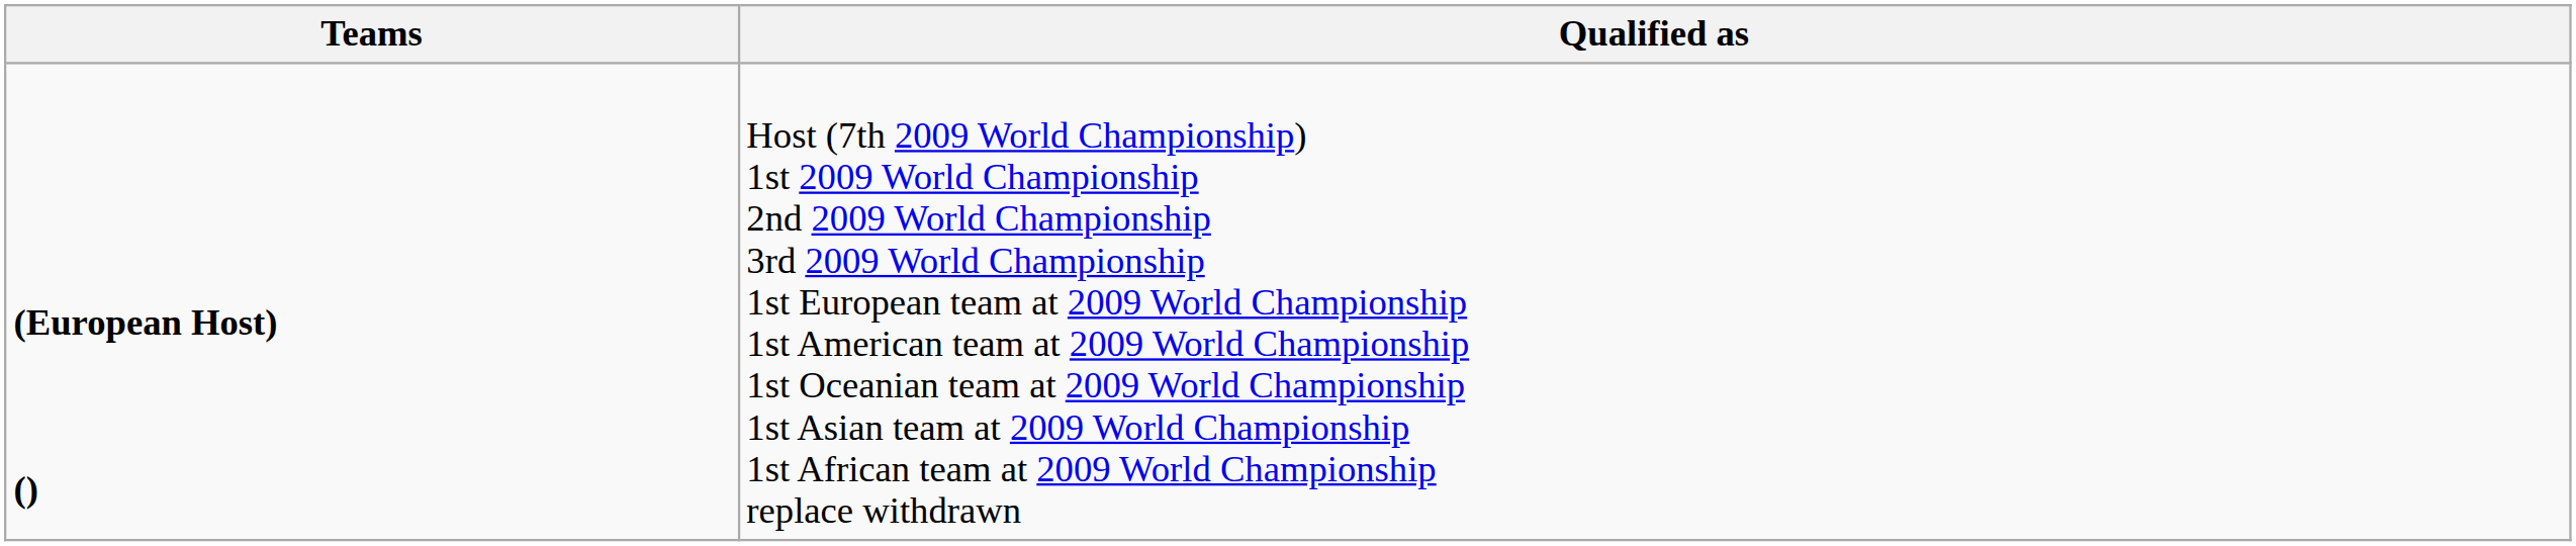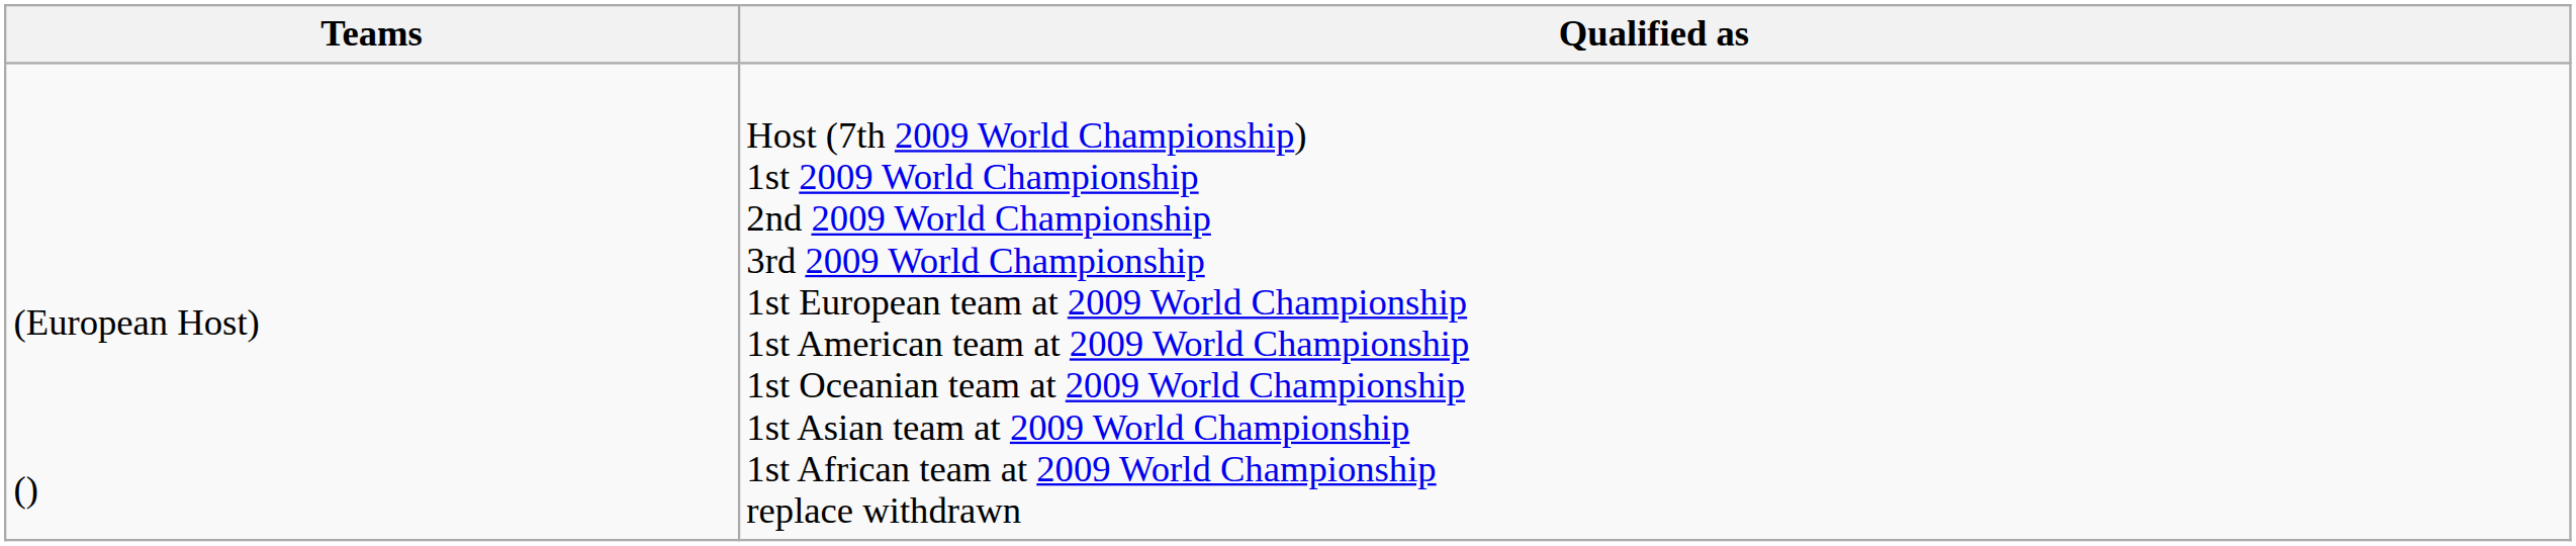 <table class=wikitable width=70%>
 <tr>
 <th width=20%>Teams</th>
 <th width=50%>Qualified as</th>
 </tr>
 <tr>
-<td><strong><br><br><br><br><br>(European Host)<br><br><br><br>()<br></strong></td>
+<td><br><br><br><br><br>(European Host)<br><br><br><br>()<br></td>
 <td><br>Host (7th <a href='#'>2009 World Championship</a>)<br>1st <a href='#'>2009 World Championship</a><br>2nd <a href='#'>2009 World Championship</a><br>3rd <a href='#'>2009 World Championship</a><br>1st European team at <a href='#'>2009 World Championship</a><br>1st American team at <a href='#'>2009 World Championship</a><br>1st Oceanian team at <a href='#'>2009 World Championship</a><br>1st Asian team at <a href='#'>2009 World Championship</a><br>1st African team at <a href='#'>2009 World Championship</a><br>replace  withdrawn</td>
 </tr>
 </table>
